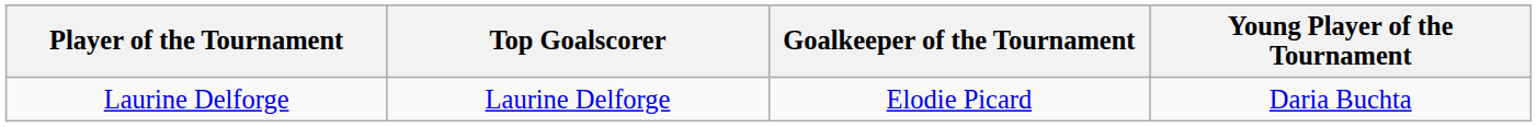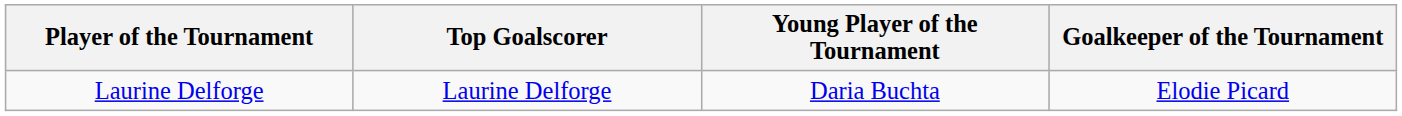 <table class=wikitable style="margin:auto; text-align:center">
 <tr>
 <th style="width: 220px;">Player of the Tournament</th>
 <th style="width: 220px;">Top Goalscorer</th>
+<th style="width: 220px;">Young Player of the Tournament</th>
 <th style="width: 220px;">Goalkeeper of the Tournament</th>
-<th style="width: 220px;">Young Player of the Tournament</th>
 </tr>
 <tr>
 <td> <a href='#'>Laurine Delforge</a></td>
 <td> <a href='#'>Laurine Delforge</a></td>
+<td> <a href='#'>Daria Buchta</a></td>
 <td> <a href='#'>Elodie Picard</a></td>
-<td> <a href='#'>Daria Buchta</a></td>
 </tr>
 </table>
